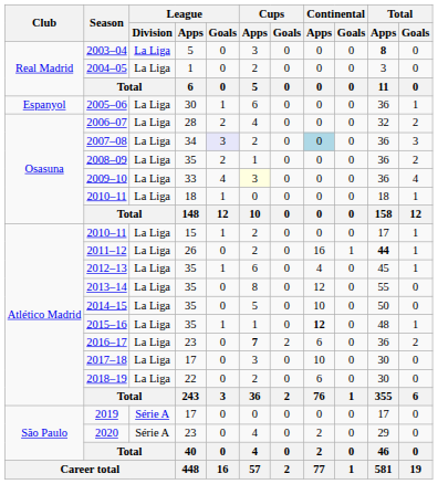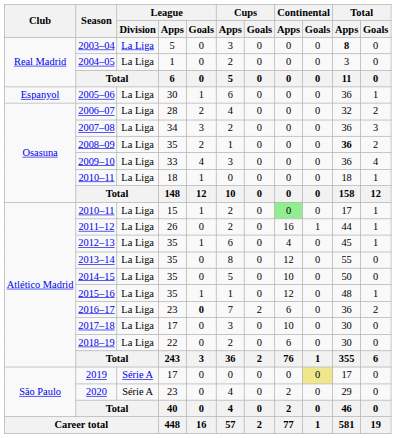 <table class="wikitable" style="text-align:center">
 <tr>
 <th rowspan="2">Club</th>
 <th rowspan="2">Season</th>
 <th colspan="3">League</th>
 <th colspan="2">Cups</th>
 <th colspan="2">Continental</th>
 <th colspan="2">Total</th>
 </tr>
 <tr>
 <th>Division</th>
 <th>Apps</th>
 <th>Goals</th>
 <th>Apps</th>
 <th>Goals</th>
 <th>Apps</th>
 <th>Goals</th>
 <th>Apps</th>
 <th>Goals</th>
 </tr>
 <tr>
 <td rowspan="3"><a href='#'>Real Madrid</a></td>
 <td><a href='#'>2003–04</a></td>
 <td><a href='#'>La Liga</a></td>
 <td>5</td>
 <td>0</td>
 <td>3</td>
 <td>0</td>
 <td>0</td>
 <td>0</td>
 <td><strong>8</strong></td>
 <td>0</td>
 </tr>
 <tr>
 <td><a href='#'>2004–05</a></td>
 <td>La Liga</td>
 <td>1</td>
 <td>0</td>
 <td>2</td>
 <td>0</td>
 <td>0</td>
 <td>0</td>
 <td>3</td>
 <td>0</td>
 </tr>
 <tr>
 <th colspan="2">Total</th>
 <th>6</th>
 <th>0</th>
 <th>5</th>
 <th>0</th>
 <th>0</th>
 <th>0</th>
 <th>11</th>
 <th>0</th>
 </tr>
 <tr>
 <td><a href='#'>Espanyol</a></td>
 <td><a href='#'>2005–06</a></td>
 <td>La Liga</td>
 <td>30</td>
 <td>1</td>
 <td>6</td>
 <td>0</td>
 <td>0</td>
 <td>0</td>
 <td>36</td>
 <td>1</td>
 </tr>
 <tr>
 <td rowspan="6"><a href='#'>Osasuna</a></td>
 <td><a href='#'>2006–07</a></td>
 <td>La Liga</td>
 <td>28</td>
 <td>2</td>
 <td>4</td>
 <td>0</td>
 <td>0</td>
 <td>0</td>
 <td>32</td>
 <td>2</td>
 </tr>
 <tr>
 <td><a href='#'>2007–08</a></td>
 <td>La Liga</td>
 <td>34</td>
-<td style="background: lavender;">3</td>
+<td>3</td>
 <td>2</td>
 <td>0</td>
-<td style="background: lightblue;">0</td>
+<td>0</td>
 <td>0</td>
 <td>36</td>
 <td>3</td>
 </tr>
 <tr>
 <td><a href='#'>2008–09</a></td>
 <td>La Liga</td>
 <td>35</td>
 <td>2</td>
 <td>1</td>
 <td>0</td>
 <td>0</td>
 <td>0</td>
-<td>36</td>
+<td><strong>36</strong></td>
 <td>2</td>
 </tr>
 <tr>
 <td><a href='#'>2009–10</a></td>
 <td>La Liga</td>
 <td>33</td>
 <td>4</td>
-<td style="background: lightyellow;">3</td>
+<td>3</td>
 <td>0</td>
 <td>0</td>
 <td>0</td>
 <td>36</td>
 <td>4</td>
 </tr>
 <tr>
 <td><a href='#'>2010–11</a></td>
 <td>La Liga</td>
 <td>18</td>
 <td>1</td>
 <td>0</td>
 <td>0</td>
 <td>0</td>
 <td>0</td>
 <td>18</td>
 <td>1</td>
 </tr>
 <tr>
 <th colspan="2">Total</th>
 <th>148</th>
 <th>12</th>
 <th>10</th>
 <th>0</th>
 <th>0</th>
 <th>0</th>
 <th>158</th>
 <th>12</th>
 </tr>
 <tr>
 <td rowspan="10"><a href='#'>Atlético Madrid</a></td>
 <td><a href='#'>2010–11</a></td>
 <td>La Liga</td>
 <td>15</td>
 <td>1</td>
 <td>2</td>
 <td>0</td>
-<td>0</td>
+<td style="background: lightgreen;">0</td>
 <td>0</td>
 <td>17</td>
 <td>1</td>
 </tr>
 <tr>
 <td><a href='#'>2011–12</a></td>
 <td>La Liga</td>
 <td>26</td>
 <td>0</td>
 <td>2</td>
 <td>0</td>
 <td>16</td>
 <td>1</td>
-<td><strong>44</strong></td>
+<td>44</td>
 <td>1</td>
 </tr>
 <tr>
 <td><a href='#'>2012–13</a></td>
 <td>La Liga</td>
 <td>35</td>
 <td>1</td>
 <td>6</td>
 <td>0</td>
 <td>4</td>
 <td>0</td>
 <td>45</td>
 <td>1</td>
 </tr>
 <tr>
 <td><a href='#'>2013–14</a></td>
 <td>La Liga</td>
 <td>35</td>
 <td>0</td>
 <td>8</td>
 <td>0</td>
 <td>12</td>
 <td>0</td>
 <td>55</td>
 <td>0</td>
 </tr>
 <tr>
 <td><a href='#'>2014–15</a></td>
 <td>La Liga</td>
 <td>35</td>
 <td>0</td>
 <td>5</td>
 <td>0</td>
 <td>10</td>
 <td>0</td>
 <td>50</td>
 <td>0</td>
 </tr>
 <tr>
 <td><a href='#'>2015–16</a></td>
 <td>La Liga</td>
 <td>35</td>
 <td>1</td>
 <td>1</td>
 <td>0</td>
-<td><strong>12</strong></td>
+<td>12</td>
 <td>0</td>
 <td>48</td>
 <td>1</td>
 </tr>
 <tr>
 <td><a href='#'>2016–17</a></td>
 <td>La Liga</td>
 <td>23</td>
-<td>0</td>
-<td><strong>7</strong></td>
+<td><strong>0</strong></td>
+<td>7</td>
 <td>2</td>
 <td>6</td>
 <td>0</td>
 <td>36</td>
 <td>2</td>
 </tr>
 <tr>
 <td><a href='#'>2017–18</a></td>
 <td>La Liga</td>
 <td>17</td>
 <td>0</td>
 <td>3</td>
 <td>0</td>
 <td>10</td>
 <td>0</td>
 <td>30</td>
 <td>0</td>
 </tr>
 <tr>
 <td><a href='#'>2018–19</a></td>
 <td>La Liga</td>
 <td>22</td>
 <td>0</td>
 <td>2</td>
 <td>0</td>
 <td>6</td>
 <td>0</td>
 <td>30</td>
 <td>0</td>
 </tr>
 <tr>
 <th colspan="2">Total</th>
 <th>243</th>
 <th>3</th>
 <th>36</th>
 <th>2</th>
 <th>76</th>
 <th>1</th>
 <th>355</th>
 <th>6</th>
 </tr>
 <tr>
 <td rowspan="3"><a href='#'>São Paulo</a></td>
 <td><a href='#'>2019</a></td>
 <td><a href='#'>Série A</a></td>
 <td>17</td>
 <td>0</td>
 <td>0</td>
 <td>0</td>
 <td>0</td>
-<td>0</td>
+<td style="background: khaki;">0</td>
 <td>17</td>
 <td>0</td>
 </tr>
 <tr>
 <td><a href='#'>2020</a></td>
 <td>Série A</td>
 <td>23</td>
 <td>0</td>
 <td>4</td>
 <td>0</td>
 <td>2</td>
 <td>0</td>
 <td>29</td>
 <td>0</td>
 </tr>
 <tr>
 <th colspan="2">Total</th>
 <th>40</th>
 <th>0</th>
 <th>4</th>
 <th>0</th>
 <th>2</th>
 <th>0</th>
 <th>46</th>
 <th>0</th>
 </tr>
 <tr>
 <th colspan="3">Career total</th>
 <th>448</th>
 <th>16</th>
 <th>57</th>
 <th>2</th>
 <th>77</th>
 <th>1</th>
 <th>581</th>
 <th>19</th>
 </tr>
 </table>
